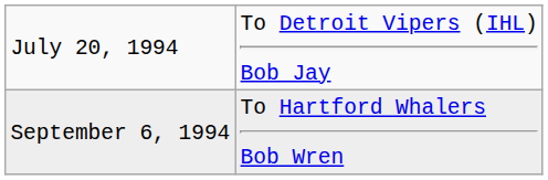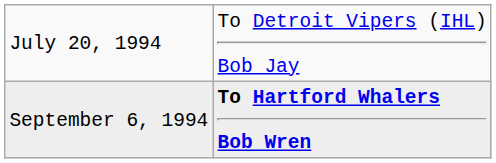 <table class="wikitable">
 <tr>
 <td>July 20, 1994</td>
 <td valign="top">To <a href='#'>Detroit Vipers</a> (<a href='#'>IHL</a>)<hr><a href='#'>Bob Jay</a></td>
 </tr>
 <tr style="background:#eee;">
 <td>September 6, 1994</td>
-<td valign="top">To <a href='#'>Hartford Whalers</a><hr><a href='#'>Bob Wren</a></td>
+<td valign="top"><strong>To <a href='#'>Hartford Whalers</a><hr><a href='#'>Bob Wren</a></strong></td>
 </tr>
 </table>
